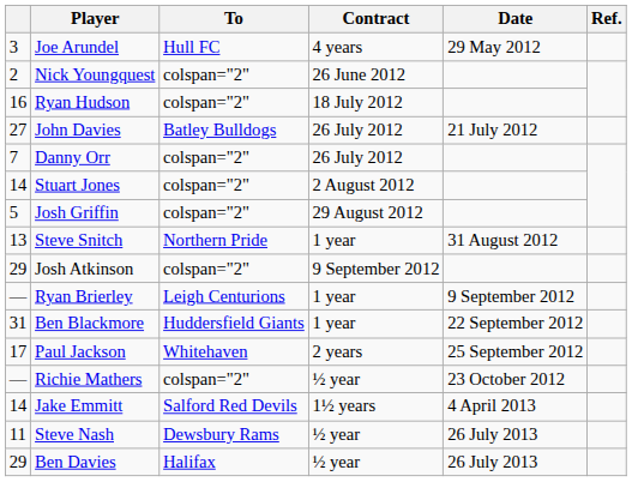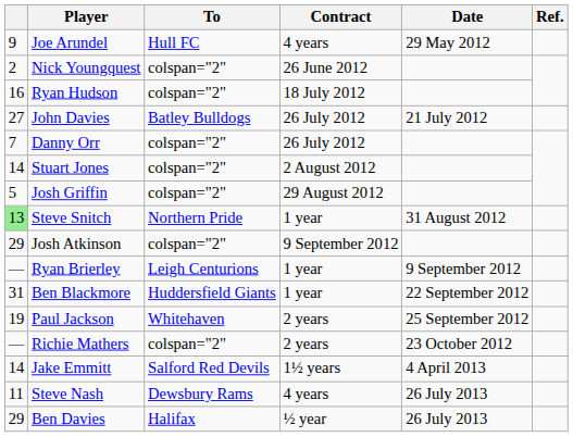 <table class="wikitable defaultleft col1center">
 <tr>
 <th></th>
 <th>Player</th>
 <th>To</th>
 <th>Contract</th>
 <th>Date</th>
 <th>Ref.</th>
 </tr>
 <tr>
-<td>3</td>
+<td>9</td>
 <td> <a href='#'>Joe Arundel</a></td>
 <td> <a href='#'>Hull FC</a></td>
 <td>4 years</td>
 <td>29 May 2012</td>
 <td></td>
 </tr>
 <tr>
 <td>2</td>
 <td> <a href='#'>Nick Youngquest</a></td>
 <td>colspan="2" </td>
 <td>26 June 2012</td>
 <td></td>
 </tr>
 <tr>
 <td>16</td>
 <td> <a href='#'>Ryan Hudson</a></td>
 <td>colspan="2" </td>
 <td>18 July 2012</td>
 <td></td>
 </tr>
 <tr>
 <td>27</td>
 <td> <a href='#'>John Davies</a></td>
 <td> <a href='#'>Batley Bulldogs</a></td>
 <td>26 July 2012</td>
 <td>21 July 2012</td>
 <td></td>
 </tr>
 <tr>
 <td>7</td>
 <td> <a href='#'>Danny Orr</a></td>
 <td>colspan="2" </td>
 <td>26 July 2012</td>
 <td></td>
 </tr>
 <tr>
 <td>14</td>
 <td> <a href='#'>Stuart Jones</a></td>
 <td>colspan="2" </td>
 <td>2 August 2012</td>
 <td></td>
 </tr>
 <tr>
 <td>5</td>
 <td> <a href='#'>Josh Griffin</a></td>
 <td>colspan="2" </td>
 <td>29 August 2012</td>
 <td></td>
 </tr>
 <tr>
-<td>13</td>
+<td style="background: lightgreen;">13</td>
 <td> <a href='#'>Steve Snitch</a></td>
 <td> <a href='#'>Northern Pride</a></td>
 <td>1 year</td>
 <td>31 August 2012</td>
 <td></td>
 </tr>
 <tr>
 <td>29</td>
 <td> Josh Atkinson</td>
 <td>colspan="2" </td>
 <td>9 September 2012</td>
 <td></td>
 </tr>
 <tr>
 <td>—</td>
 <td> <a href='#'>Ryan Brierley</a></td>
 <td> <a href='#'>Leigh Centurions</a></td>
 <td>1 year</td>
 <td>9 September 2012</td>
 <td></td>
 </tr>
 <tr>
 <td>31</td>
 <td> <a href='#'>Ben Blackmore</a></td>
 <td> <a href='#'>Huddersfield Giants</a></td>
 <td>1 year</td>
 <td>22 September 2012</td>
 <td></td>
 </tr>
 <tr>
-<td>17</td>
+<td>19</td>
 <td> <a href='#'>Paul Jackson</a></td>
 <td> <a href='#'>Whitehaven</a></td>
 <td>2 years</td>
 <td>25 September 2012</td>
 <td></td>
 </tr>
 <tr>
 <td>—</td>
 <td> <a href='#'>Richie Mathers</a></td>
 <td>colspan="2" </td>
-<td>½ year</td>
+<td>2 years</td>
 <td>23 October 2012</td>
 <td></td>
 </tr>
 <tr>
 <td>14</td>
 <td> <a href='#'>Jake Emmitt</a></td>
 <td> <a href='#'>Salford Red Devils</a></td>
 <td>1½ years</td>
 <td>4 April 2013</td>
 <td></td>
 </tr>
 <tr>
 <td>11</td>
 <td> <a href='#'>Steve Nash</a></td>
 <td> <a href='#'>Dewsbury Rams</a></td>
-<td>½ year</td>
+<td>4 years</td>
 <td>26 July 2013</td>
 <td></td>
 </tr>
 <tr>
 <td>29</td>
 <td> <a href='#'>Ben Davies</a></td>
 <td> <a href='#'>Halifax</a></td>
 <td>½ year</td>
 <td>26 July 2013</td>
 <td></td>
 </tr>
 </table>
